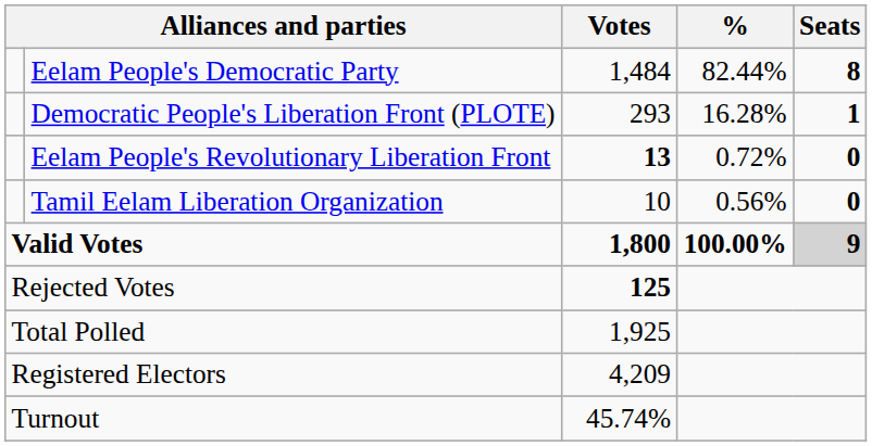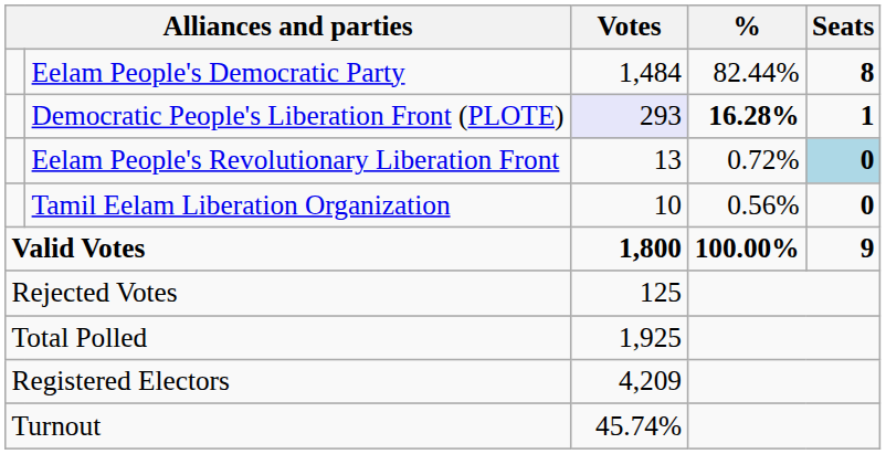 <table class="wikitable" border="1" style="text-align:right;">
 <tr>
 <th valign=bottom align=left colspan=2>Alliances and parties</th>
 <th valign=bottom align=center width="60">Votes</th>
 <th valign=bottom align=center width="50">%</th>
 <th valign=bottom align=center>Seats</th>
 </tr>
 <tr>
 <td bgcolor=> </td>
 <td align=left><a href='#'>Eelam People's Democratic Party</a></td>
 <td>1,484</td>
 <td>82.44%</td>
 <td><strong>8</strong></td>
 </tr>
 <tr>
 <td bgcolor=> </td>
 <td align=left><a href='#'>Democratic People's Liberation Front</a> (<a href='#'>PLOTE</a>)</td>
-<td>293</td>
-<td>16.28%</td>
+<td style="background: lavender;">293</td>
+<td><strong>16.28%</strong></td>
 <td><strong>1</strong></td>
 </tr>
 <tr>
 <td bgcolor=> </td>
 <td align=left><a href='#'>Eelam People's Revolutionary Liberation Front</a></td>
-<td><strong>13</strong></td>
+<td>13</td>
 <td>0.72%</td>
-<td><strong>0</strong></td>
+<td style="background: lightblue;"><strong>0</strong></td>
 </tr>
 <tr>
 <td bgcolor=> </td>
 <td align=left><a href='#'>Tamil Eelam Liberation Organization</a></td>
 <td>10</td>
 <td>0.56%</td>
 <td><strong>0</strong></td>
 </tr>
 <tr>
 <td colspan=2 align=left><strong>Valid Votes</strong></td>
 <td><strong>1,800</strong></td>
 <td><strong>100.00%</strong></td>
-<td style="background: lightgrey;"><strong>9</strong></td>
+<td><strong>9</strong></td>
 </tr>
 <tr>
 <td colspan=2 align=left>Rejected Votes</td>
-<td><strong>125</strong></td>
+<td>125</td>
 <td colspan=2></td>
 </tr>
 <tr>
 <td colspan=2 align=left>Total Polled</td>
 <td>1,925</td>
 <td colspan=2></td>
 </tr>
 <tr>
 <td colspan=2 align=left>Registered Electors</td>
 <td>4,209</td>
 <td colspan=2></td>
 </tr>
 <tr>
 <td colspan=2 align=left>Turnout</td>
 <td>45.74%</td>
 <td colspan=2></td>
 </tr>
 </table>
